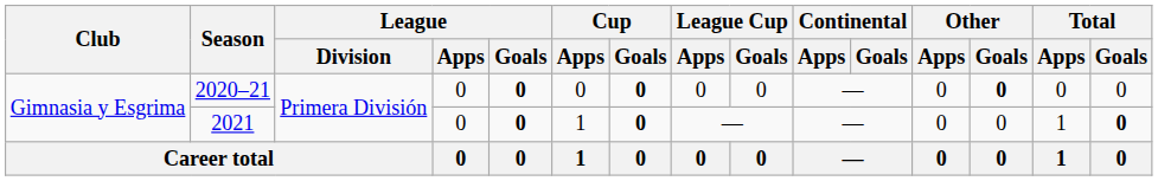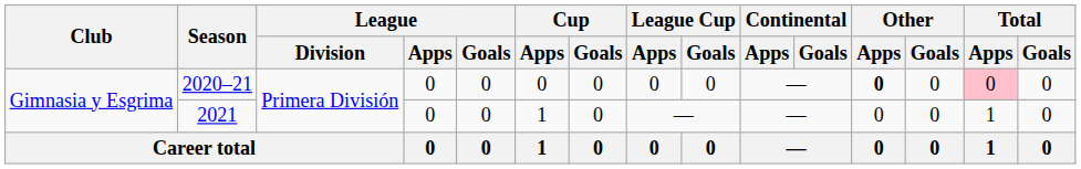 <table class="wikitable" style="text-align:center">
 <tr>
 <th rowspan="2">Club</th>
 <th rowspan="2">Season</th>
 <th colspan="3">League</th>
 <th colspan="2">Cup</th>
 <th colspan="2">League Cup</th>
 <th colspan="2">Continental</th>
 <th colspan="2">Other</th>
 <th colspan="2">Total</th>
 </tr>
 <tr>
 <th>Division</th>
 <th>Apps</th>
 <th>Goals</th>
 <th>Apps</th>
 <th>Goals</th>
 <th>Apps</th>
 <th>Goals</th>
 <th>Apps</th>
 <th>Goals</th>
 <th>Apps</th>
 <th>Goals</th>
 <th>Apps</th>
 <th>Goals</th>
 </tr>
 <tr>
 <td rowspan="2"><a href='#'>Gimnasia y Esgrima</a></td>
 <td><a href='#'>2020–21</a></td>
 <td rowspan="2"><a href='#'>Primera División</a></td>
 <td>0</td>
-<td><strong>0</strong></td>
 <td>0</td>
-<td><strong>0</strong></td>
+<td>0</td>
+<td>0</td>
 <td>0</td>
 <td>0</td>
 <td colspan="2">—</td>
-<td>0</td>
 <td><strong>0</strong></td>
 <td>0</td>
+<td style="background: pink;">0</td>
 <td>0</td>
 </tr>
 <tr>
 <td><a href='#'>2021</a></td>
 <td>0</td>
-<td><strong>0</strong></td>
+<td>0</td>
 <td>1</td>
-<td><strong>0</strong></td>
+<td>0</td>
 <td colspan="2">—</td>
 <td colspan="2">—</td>
 <td>0</td>
 <td>0</td>
 <td>1</td>
-<td><strong>0</strong></td>
+<td>0</td>
 </tr>
 <tr>
 <th colspan="3">Career total</th>
 <th>0</th>
 <th>0</th>
 <th>1</th>
 <th>0</th>
 <th>0</th>
 <th>0</th>
 <th colspan="2">—</th>
 <th>0</th>
 <th>0</th>
 <th>1</th>
 <th>0</th>
 </tr>
 </table>
